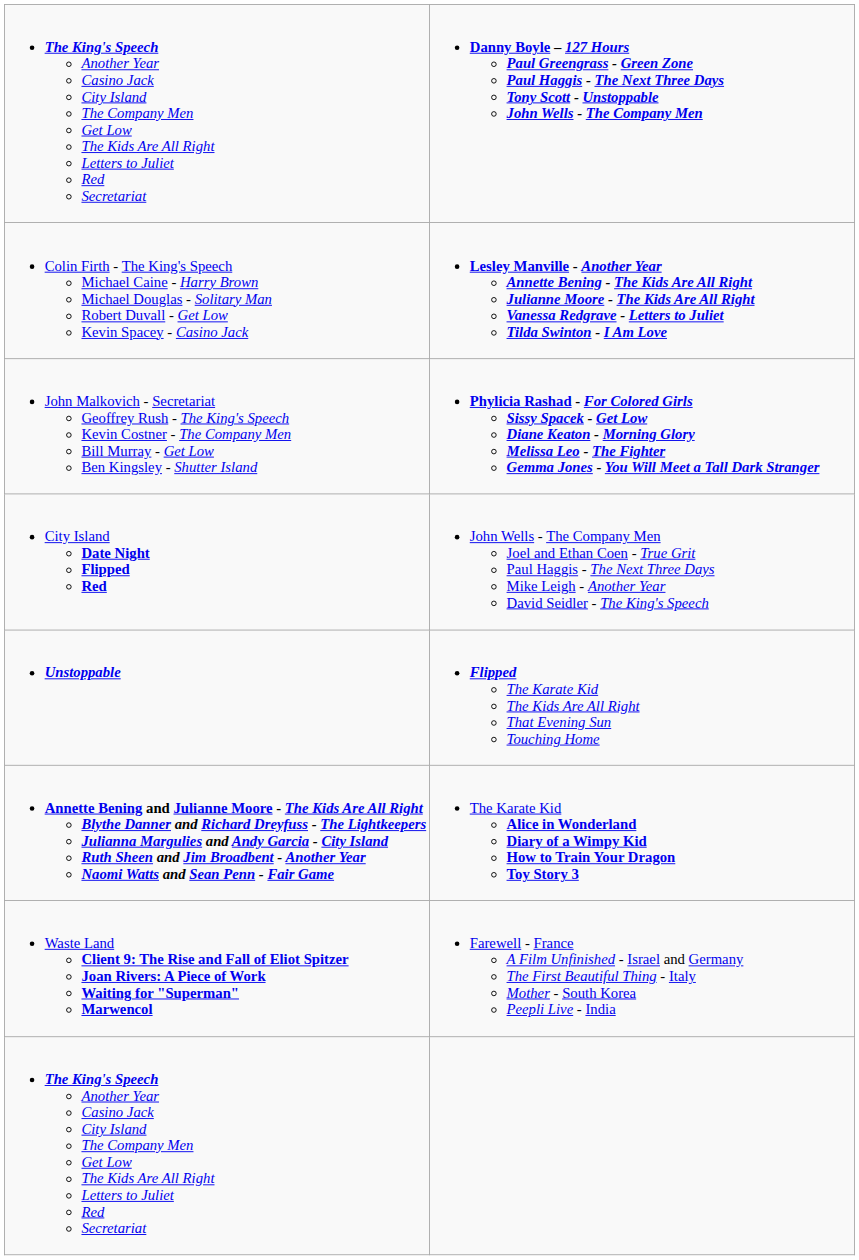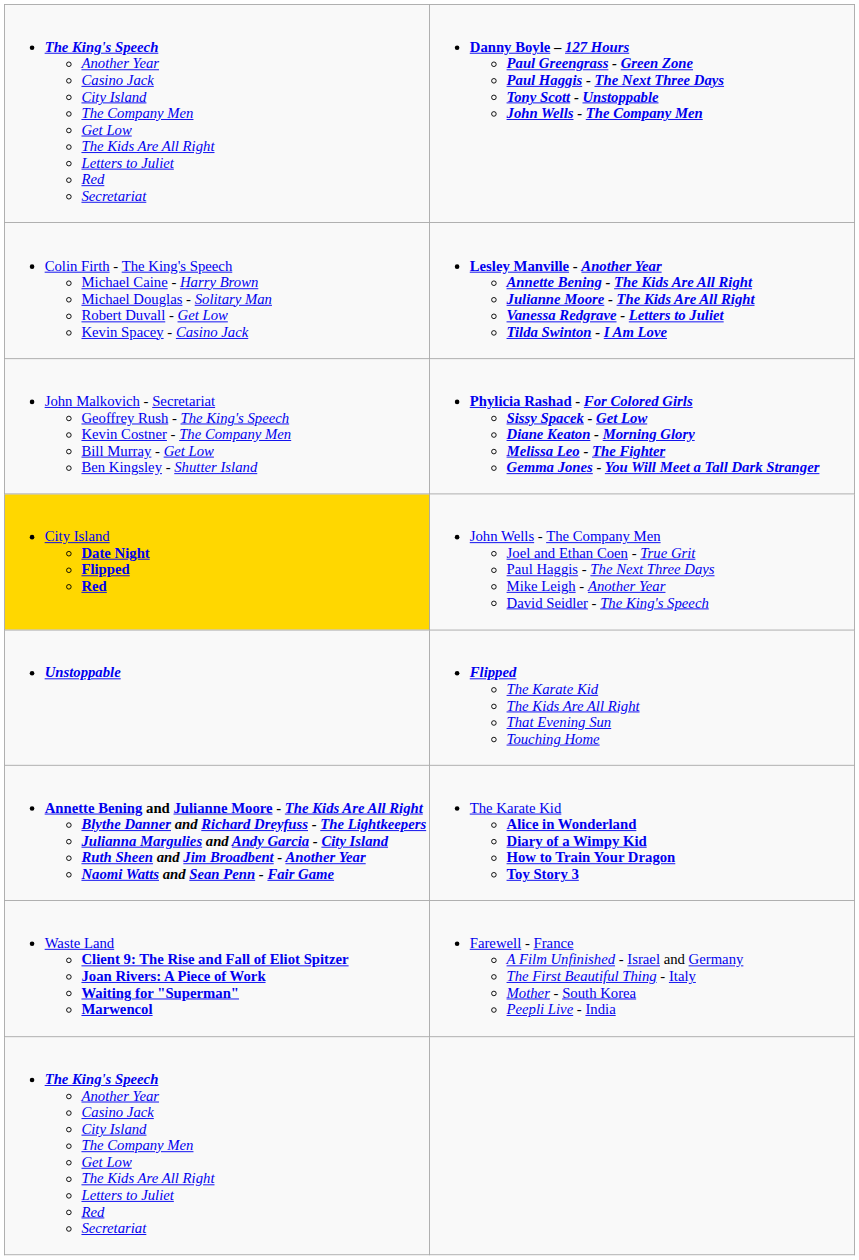 <table class=wikitable>
 <tr>
 <td style="vertical-align:top; width:50%;"><br><ul><li><strong><em><a href='#'>The King's Speech</a></em></strong><ul><li><em><a href='#'>Another Year</a></em></li><li><em><a href='#'>Casino Jack</a></em></li><li><em><a href='#'>City Island</a></em></li><li><em><a href='#'>The Company Men</a></em></li><li><em><a href='#'>Get Low</a></em></li><li><em><a href='#'>The Kids Are All Right</a></em></li><li><em><a href='#'>Letters to Juliet</a></em></li><li><em><a href='#'>Red</a></em></li><li><em><a href='#'>Secretariat</a></em></li></ul></li></ul></td>
 <td style="vertical-align:top; width:50%;"><br><ul><li><strong><a href='#'>Danny Boyle</a> – <em><a href='#'>127 Hours</a><strong><em><ul><li><a href='#'>Paul Greengrass</a> - </em><a href='#'>Green Zone</a><em></li><li><a href='#'>Paul Haggis</a> - </em><a href='#'>The Next Three Days</a><em></li><li><a href='#'>Tony Scott</a> - </em><a href='#'>Unstoppable</a><em></li><li><a href='#'>John Wells</a> - </em><a href='#'>The Company Men</a><em></li></ul></li></ul></td>
 </tr>
 <tr>
 <td style="vertical-align:top; width:50%;"><br><ul><li></strong><a href='#'>Colin Firth</a> - </em><a href='#'>The King's Speech</a></em></strong><ul><li><a href='#'>Michael Caine</a> - <em><a href='#'>Harry Brown</a></em></li><li><a href='#'>Michael Douglas</a> - <em><a href='#'>Solitary Man</a></em></li><li><a href='#'>Robert Duvall</a> - <em><a href='#'>Get Low</a></em></li><li><a href='#'>Kevin Spacey</a> - <em><a href='#'>Casino Jack</a></em></li></ul></li></ul></td>
 <td style="vertical-align:top; width:50%;"><br><ul><li><strong><a href='#'>Lesley Manville</a> - <em><a href='#'>Another Year</a><strong><em><ul><li><a href='#'>Annette Bening</a> - </em><a href='#'>The Kids Are All Right</a><em></li><li><a href='#'>Julianne Moore</a> - </em><a href='#'>The Kids Are All Right</a><em></li><li><a href='#'>Vanessa Redgrave</a> - </em><a href='#'>Letters to Juliet</a><em></li><li><a href='#'>Tilda Swinton</a> - </em><a href='#'>I Am Love</a><em></li></ul></li></ul></td>
 </tr>
 <tr>
 <td style="vertical-align:top; width:50%;"><br><ul><li></strong><a href='#'>John Malkovich</a> - </em><a href='#'>Secretariat</a></em></strong><ul><li><a href='#'>Geoffrey Rush</a> - <em><a href='#'>The King's Speech</a></em></li><li><a href='#'>Kevin Costner</a> - <em><a href='#'>The Company Men</a></em></li><li><a href='#'>Bill Murray</a> - <em><a href='#'>Get Low</a></em></li><li><a href='#'>Ben Kingsley</a> - <em><a href='#'>Shutter Island</a></em></li></ul></li></ul></td>
 <td style="vertical-align:top; width:50%;"><br><ul><li><strong><a href='#'>Phylicia Rashad</a> - <em><a href='#'>For Colored Girls</a><strong><em><ul><li><a href='#'>Sissy Spacek</a> - </em><a href='#'>Get Low</a><em></li><li><a href='#'>Diane Keaton</a> - </em><a href='#'>Morning Glory</a><em></li><li><a href='#'>Melissa Leo</a> - </em><a href='#'>The Fighter</a><em></li><li><a href='#'>Gemma Jones</a> - </em><a href='#'>You Will Meet a Tall Dark Stranger</a><em></li></ul></li></ul></td>
 </tr>
 <tr>
-<td style="vertical-align:top; width:50%;"><br><ul><li></em></strong><a href='#'>City Island</a><strong><em><ul><li></em><a href='#'>Date Night</a><em></li><li></em><a href='#'>Flipped</a><em></li><li></em><a href='#'>Red</a><em></li></ul></li></ul></td>
+<td style="background: gold; vertical-align:top; width:50%;"><br><ul><li></em></strong><a href='#'>City Island</a><strong><em><ul><li></em><a href='#'>Date Night</a><em></li><li></em><a href='#'>Flipped</a><em></li><li></em><a href='#'>Red</a><em></li></ul></li></ul></td>
 <td style="vertical-align:top; width:50%;"><br><ul><li></strong><a href='#'>John Wells</a> - </em><a href='#'>The Company Men</a></em></strong><ul><li><a href='#'>Joel and Ethan Coen</a> - <em><a href='#'>True Grit</a></em></li><li><a href='#'>Paul Haggis</a> - <em><a href='#'>The Next Three Days</a></em></li><li><a href='#'>Mike Leigh</a> - <em><a href='#'>Another Year</a></em></li><li><a href='#'>David Seidler</a> - <em><a href='#'>The King's Speech</a></em></li></ul></li></ul></td>
 </tr>
 <tr>
 <td style="vertical-align:top; width:50%;"><br><ul><li><strong><em><a href='#'>Unstoppable</a></em></strong></li></ul></td>
 <td style="vertical-align:top; width:50%;"><br><ul><li><strong><em><a href='#'>Flipped</a></em></strong><ul><li><em><a href='#'>The Karate Kid</a></em></li><li><em><a href='#'>The Kids Are All Right</a></em></li><li><em><a href='#'>That Evening Sun</a></em></li><li><em><a href='#'>Touching Home</a></em></li></ul></li></ul></td>
 </tr>
 <tr>
 <td style="vertical-align:top; width:50%;"><br><ul><li><strong><a href='#'>Annette Bening</a> and <a href='#'>Julianne Moore</a> - <em><a href='#'>The Kids Are All Right</a><strong><em><ul><li><a href='#'>Blythe Danner</a> and <a href='#'>Richard Dreyfuss</a> - </em><a href='#'>The Lightkeepers</a><em></li><li><a href='#'>Julianna Margulies</a> and <a href='#'>Andy Garcia</a> - </em><a href='#'>City Island</a><em></li><li><a href='#'>Ruth Sheen</a> and <a href='#'>Jim Broadbent</a> - </em><a href='#'>Another Year</a><em></li><li><a href='#'>Naomi Watts</a> and <a href='#'>Sean Penn</a> - </em><a href='#'>Fair Game</a><em></li></ul></li></ul></td>
 <td style="vertical-align:top; width:50%;"><br><ul><li></em></strong><a href='#'>The Karate Kid</a><strong><em><ul><li></em><a href='#'>Alice in Wonderland</a><em></li><li></em><a href='#'>Diary of a Wimpy Kid</a><em></li><li></em><a href='#'>How to Train Your Dragon</a><em></li><li></em><a href='#'>Toy Story 3</a><em></li></ul></li></ul></td>
 </tr>
 <tr>
 <td style="vertical-align:top; width:50%;"><br><ul><li></em></strong><a href='#'>Waste Land</a><strong><em><ul><li></em><a href='#'>Client 9: The Rise and Fall of Eliot Spitzer</a><em></li><li></em><a href='#'>Joan Rivers: A Piece of Work</a><em></li><li></em><a href='#'>Waiting for "Superman"</a><em></li><li></em><a href='#'>Marwencol</a><em></li></ul></li></ul></td>
 <td style="vertical-align:top; width:50%;"><br><ul><li></em></strong><a href='#'>Farewell</a></em> - <a href='#'>France</a></strong><ul><li><em><a href='#'>A Film Unfinished</a></em> - <a href='#'>Israel</a> and <a href='#'>Germany</a></li><li><em><a href='#'>The First Beautiful Thing</a></em> - <a href='#'>Italy</a></li><li><em><a href='#'>Mother</a></em> - <a href='#'>South Korea</a></li><li><em><a href='#'>Peepli Live</a></em> - <a href='#'>India</a></li></ul></li></ul></td>
 </tr>
 <tr>
 <td style="vertical-align:top; width:50%;"><br><ul><li><strong><em><a href='#'>The King's Speech</a></em></strong><ul><li><em><a href='#'>Another Year</a></em></li><li><em><a href='#'>Casino Jack</a></em></li><li><em><a href='#'>City Island</a></em></li><li><em><a href='#'>The Company Men</a></em></li><li><em><a href='#'>Get Low</a></em></li><li><em><a href='#'>The Kids Are All Right</a></em></li><li><em><a href='#'>Letters to Juliet</a></em></li><li><em><a href='#'>Red</a></em></li><li><em><a href='#'>Secretariat</a></em></li></ul></li></ul></td>
 </tr>
 </table>
